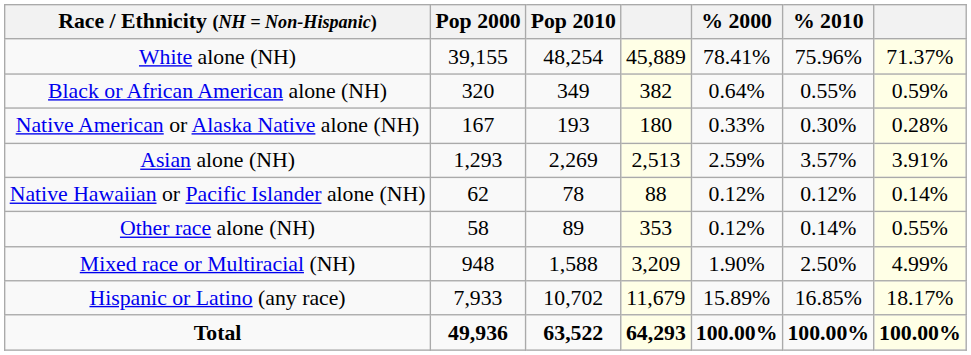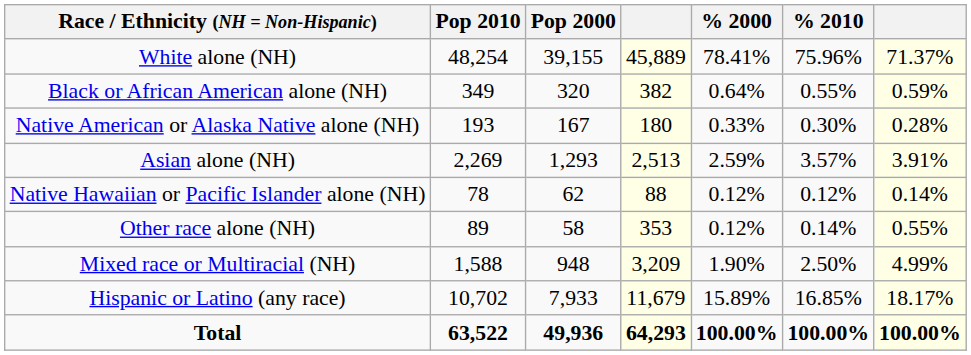 <table class="wikitable" style="text-align:center;">
 <tr>
 <th>Race / Ethnicity <small>(<em>NH = Non-Hispanic</em>)</small></th>
+<th>Pop 2010</th>
 <th>Pop 2000</th>
-<th>Pop 2010</th>
 <th></th>
 <th>% 2000</th>
 <th>% 2010</th>
 <th></th>
 </tr>
 <tr>
 <td><a href='#'>White</a> alone (NH)</td>
+<td>48,254</td>
 <td>39,155</td>
-<td>48,254</td>
 <td style='background: #ffffe6;'>45,889</td>
 <td>78.41%</td>
 <td>75.96%</td>
 <td style='background: #ffffe6;'>71.37%</td>
 </tr>
 <tr>
 <td><a href='#'>Black or African American</a> alone (NH)</td>
+<td>349</td>
 <td>320</td>
-<td>349</td>
 <td style='background: #ffffe6;'>382</td>
 <td>0.64%</td>
 <td>0.55%</td>
 <td style='background: #ffffe6;'>0.59%</td>
 </tr>
 <tr>
 <td><a href='#'>Native American</a> or <a href='#'>Alaska Native</a> alone (NH)</td>
+<td>193</td>
 <td>167</td>
-<td>193</td>
 <td style='background: #ffffe6;'>180</td>
 <td>0.33%</td>
 <td>0.30%</td>
 <td style='background: #ffffe6;'>0.28%</td>
 </tr>
 <tr>
 <td><a href='#'>Asian</a> alone (NH)</td>
+<td>2,269</td>
 <td>1,293</td>
-<td>2,269</td>
 <td style='background: #ffffe6;'>2,513</td>
 <td>2.59%</td>
 <td>3.57%</td>
 <td style='background: #ffffe6;'>3.91%</td>
 </tr>
 <tr>
 <td><a href='#'>Native Hawaiian</a> or <a href='#'>Pacific Islander</a> alone (NH)</td>
+<td>78</td>
 <td>62</td>
-<td>78</td>
 <td style='background: #ffffe6;'>88</td>
 <td>0.12%</td>
 <td>0.12%</td>
 <td style='background: #ffffe6;'>0.14%</td>
 </tr>
 <tr>
 <td><a href='#'>Other race</a> alone (NH)</td>
+<td>89</td>
 <td>58</td>
-<td>89</td>
 <td style='background: #ffffe6;'>353</td>
 <td>0.12%</td>
 <td>0.14%</td>
 <td style='background: #ffffe6;'>0.55%</td>
 </tr>
 <tr>
 <td><a href='#'>Mixed race or Multiracial</a> (NH)</td>
+<td>1,588</td>
 <td>948</td>
-<td>1,588</td>
 <td style='background: #ffffe6;'>3,209</td>
 <td>1.90%</td>
 <td>2.50%</td>
 <td style='background: #ffffe6;'>4.99%</td>
 </tr>
 <tr>
 <td><a href='#'>Hispanic or Latino</a> (any race)</td>
+<td>10,702</td>
 <td>7,933</td>
-<td>10,702</td>
 <td style='background: #ffffe6;'>11,679</td>
 <td>15.89%</td>
 <td>16.85%</td>
 <td style='background: #ffffe6;'>18.17%</td>
 </tr>
 <tr>
 <td><strong>Total</strong></td>
+<td><strong>63,522</strong></td>
 <td><strong>49,936</strong></td>
-<td><strong>63,522</strong></td>
 <td style='background: #ffffe6;'><strong>64,293</strong></td>
 <td><strong>100.00%</strong></td>
 <td><strong>100.00%</strong></td>
 <td style='background: #ffffe6;'><strong>100.00%</strong></td>
 </tr>
 </table>
